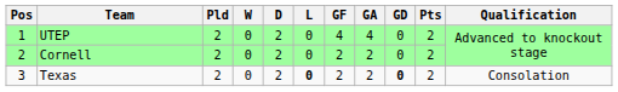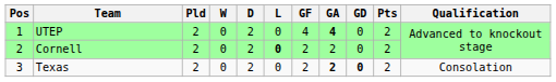 <table class="wikitable" style="text-align:center; margin: 1em auto">
 <tr>
 <th style="width:2em">Pos</th>
 <th style="width:13em">Team</th>
 <th style="width:2em">Pld</th>
 <th style="width:2em">W</th>
 <th style="width:2em">D</th>
 <th style="width:2em">L</th>
 <th style="width:2em">GF</th>
 <th style="width:2em">GA</th>
 <th style="width:2em">GD</th>
 <th style="width:2em">Pts</th>
 <th style="width:13em">Qualification</th>
 </tr>
 <tr bgcolor="#9eff9e">
 <td>1</td>
 <td style="text-align:left">UTEP</td>
 <td>2</td>
 <td>0</td>
 <td>2</td>
 <td>0</td>
 <td>4</td>
-<td>4</td>
+<td><strong>4</strong></td>
 <td>0</td>
 <td>2</td>
 <td rowspan="2">Advanced to knockout stage</td>
 </tr>
 <tr bgcolor="#9eff9e">
 <td>2</td>
 <td style="text-align:left">Cornell</td>
 <td>2</td>
 <td>0</td>
 <td>2</td>
-<td>0</td>
+<td><strong>0</strong></td>
 <td>2</td>
 <td>2</td>
 <td>0</td>
 <td>2</td>
 </tr>
 <tr>
 <td>3</td>
 <td style="text-align:left">Texas</td>
 <td>2</td>
 <td>0</td>
 <td>2</td>
-<td><strong>0</strong></td>
+<td>0</td>
 <td>2</td>
-<td>2</td>
+<td><strong>2</strong></td>
 <td><strong>0</strong></td>
 <td>2</td>
 <td>Consolation</td>
 </tr>
 </table>
